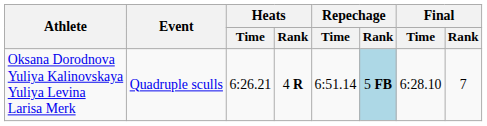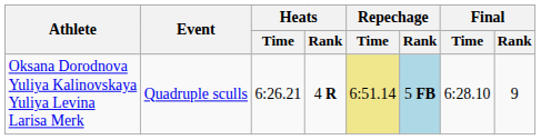 <table class="wikitable" style="font-size:90%">
 <tr>
 <th rowspan="2">Athlete</th>
 <th rowspan="2">Event</th>
 <th colspan="2">Heats</th>
 <th colspan="2">Repechage</th>
 <th colspan="2">Final</th>
 </tr>
 <tr style="font-size:95%">
 <th>Time</th>
 <th>Rank</th>
 <th>Time</th>
 <th>Rank</th>
 <th>Time</th>
 <th>Rank</th>
 </tr>
 <tr align=center>
 <td align=left><a href='#'>Oksana Dorodnova</a><br><a href='#'>Yuliya Kalinovskaya</a><br><a href='#'>Yuliya Levina</a><br><a href='#'>Larisa Merk</a></td>
 <td align=left><a href='#'>Quadruple sculls</a></td>
 <td>6:26.21</td>
 <td>4 <strong>R</strong></td>
-<td>6:51.14</td>
+<td style="background: khaki;">6:51.14</td>
 <td style="background: lightblue;">5 <strong>FB</strong></td>
 <td>6:28.10</td>
-<td>7</td>
+<td>9</td>
 </tr>
 </table>
